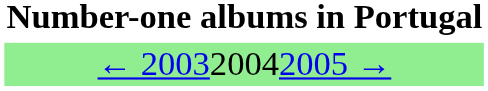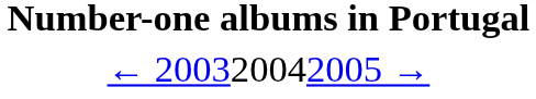 <table class="toc" id="toc" summary="Contents">
 <tr>
 <th>Number-one albums in Portugal</th>
 </tr>
 <tr>
-<td align="center" style="background: lightgreen;"><a href='#'>← 2003</a>2004<a href='#'>2005 →</a></td>
+<td align="center"><a href='#'>← 2003</a>2004<a href='#'>2005 →</a></td>
 </tr>
 </table>
